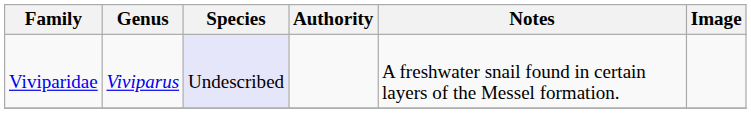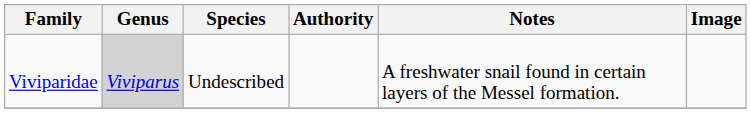 <table class="wikitable" align="center" width="100%">
 <tr>
 <th>Family</th>
 <th>Genus</th>
 <th>Species</th>
 <th>Authority</th>
 <th>Notes</th>
 <th>Image</th>
 </tr>
 <tr>
 <td><br><a href='#'>Viviparidae</a></td>
-<td><br><em><a href='#'>Viviparus</a></em></td>
-<td style="background: lavender;"><br>Undescribed</td>
+<td style="background: lightgrey;"><br><em><a href='#'>Viviparus</a></em></td>
+<td><br>Undescribed</td>
 <td></td>
 <td><br>A freshwater snail found in certain layers of the Messel formation.</td>
 <td></td>
 </tr>
 <tr>
 </tr>
 </table>
